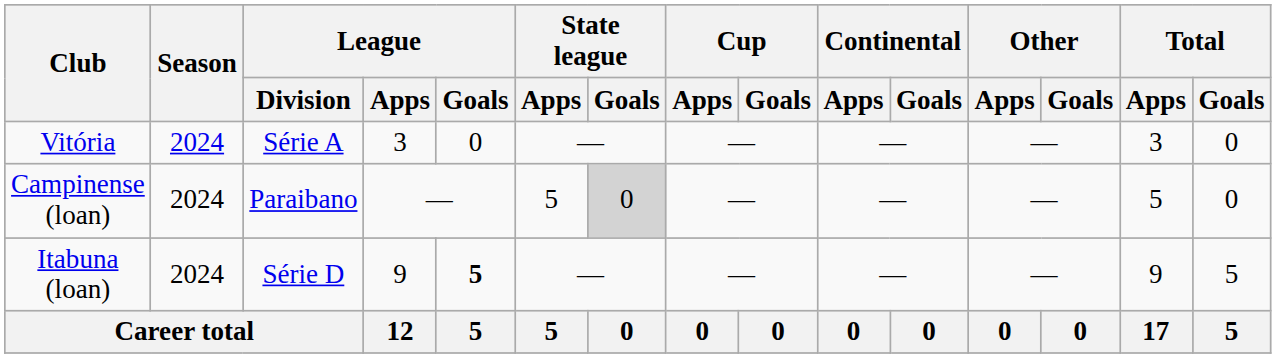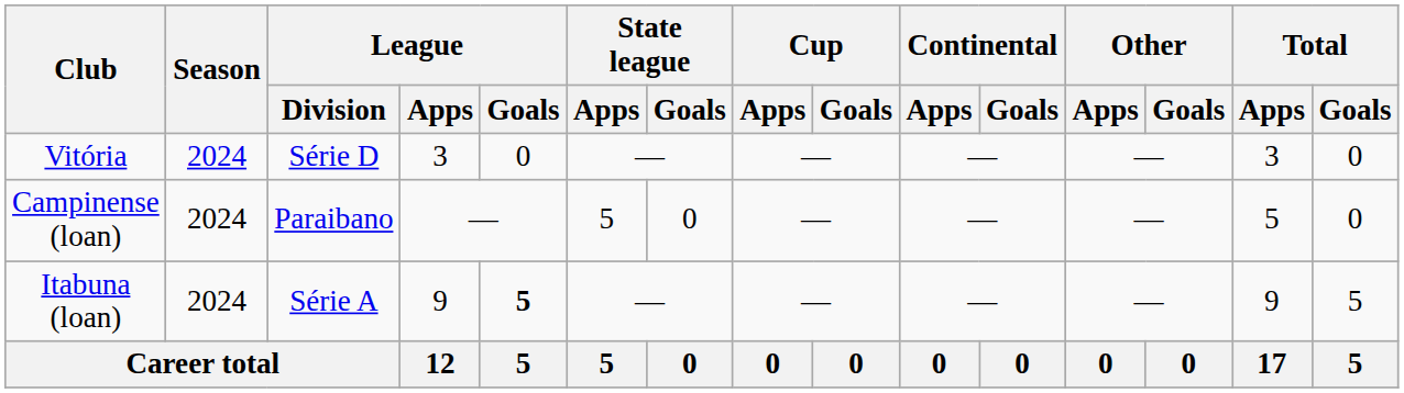 <table class="wikitable" style="text-align: center;">
 <tr>
 <th rowspan="2">Club</th>
 <th rowspan="2">Season</th>
 <th colspan="3">League</th>
 <th colspan="2">State league</th>
 <th colspan="2">Cup</th>
 <th colspan="2">Continental</th>
 <th colspan="2">Other</th>
 <th colspan="2">Total</th>
 </tr>
 <tr>
 <th>Division</th>
 <th>Apps</th>
 <th>Goals</th>
 <th>Apps</th>
 <th>Goals</th>
 <th>Apps</th>
 <th>Goals</th>
 <th>Apps</th>
 <th>Goals</th>
 <th>Apps</th>
 <th>Goals</th>
 <th>Apps</th>
 <th>Goals</th>
 </tr>
 <tr>
 <td valign="center"><a href='#'>Vitória</a></td>
 <td><a href='#'>2024</a></td>
-<td><a href='#'>Série A</a></td>
+<td><a href='#'>Série D</a></td>
 <td>3</td>
 <td>0</td>
 <td colspan="2">—</td>
 <td colspan="2">—</td>
 <td colspan="2">—</td>
 <td colspan="2">—</td>
 <td>3</td>
 <td>0</td>
 </tr>
 <tr>
 <td valign="center"><a href='#'>Campinense</a> (loan)</td>
 <td>2024</td>
 <td><a href='#'>Paraibano</a></td>
 <td colspan="2">—</td>
 <td>5</td>
-<td style="background: lightgrey;">0</td>
+<td>0</td>
 <td colspan="2">—</td>
 <td colspan="2">—</td>
 <td colspan="2">—</td>
 <td>5</td>
 <td>0</td>
 </tr>
 <tr>
 <td valign="center"><a href='#'>Itabuna</a> (loan)</td>
 <td>2024</td>
-<td><a href='#'>Série D</a></td>
+<td><a href='#'>Série A</a></td>
 <td>9</td>
 <td><strong>5</strong></td>
 <td colspan="2">—</td>
 <td colspan="2">—</td>
 <td colspan="2">—</td>
 <td colspan="2">—</td>
 <td>9</td>
 <td>5</td>
 </tr>
 <tr>
 <th colspan="3"><strong>Career total</strong></th>
 <th>12</th>
 <th>5</th>
 <th>5</th>
 <th>0</th>
 <th>0</th>
 <th>0</th>
 <th>0</th>
 <th>0</th>
 <th>0</th>
 <th>0</th>
 <th>17</th>
 <th>5</th>
 </tr>
 </table>
